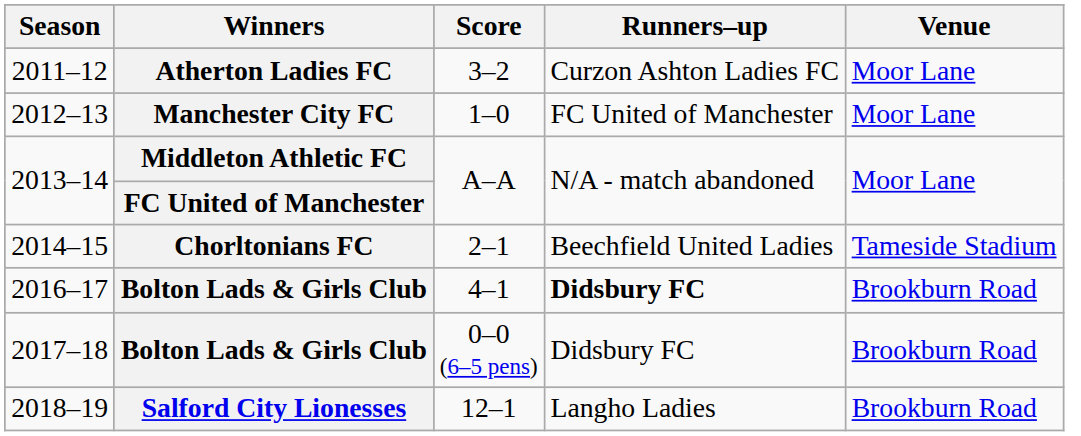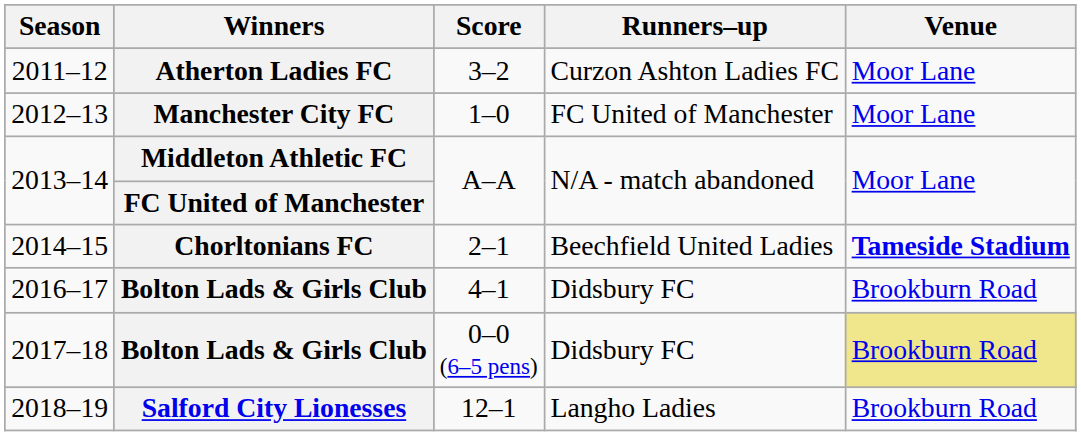 <table class="sortable wikitable plainrowheaders">
 <tr>
 <th scope="col">Season</th>
 <th scope="col">Winners</th>
 <th scope="col">Score</th>
 <th scope="col">Runners–up</th>
 <th scope="col">Venue</th>
 </tr>
 <tr>
 <td align=center>2011–12</td>
 <th scope=row>Atherton Ladies FC</th>
 <td align=center>3–2</td>
 <td>Curzon Ashton Ladies FC</td>
 <td><a href='#'>Moor Lane</a></td>
 </tr>
 <tr>
 <td align=center>2012–13</td>
 <th scope=row>Manchester City FC</th>
 <td align=center>1–0</td>
 <td>FC United of Manchester</td>
 <td><a href='#'>Moor Lane</a></td>
 </tr>
 <tr>
 <td rowspan="2" align="center">2013–14</td>
 <th scope=row>Middleton Athletic FC</th>
 <td rowspan="2" align="center">A–A</td>
 <td rowspan="2">N/A - match abandoned</td>
 <td rowspan="2"><a href='#'>Moor Lane</a></td>
 </tr>
 <tr>
 <th scope=row>FC United of Manchester</th>
 </tr>
 <tr>
 <td align="center">2014–15</td>
 <th scope="row">Chorltonians FC</th>
 <td align="center">2–1</td>
 <td>Beechfield United Ladies</td>
-<td><a href='#'>Tameside Stadium</a></td>
+<td><strong><a href='#'>Tameside Stadium</a></strong></td>
 </tr>
 <tr>
 <td align="center">2016–17</td>
 <th scope="row">Bolton Lads & Girls Club</th>
 <td align="center">4–1</td>
-<td><strong>Didsbury FC</strong></td>
+<td>Didsbury FC</td>
 <td><a href='#'>Brookburn Road</a></td>
 </tr>
 <tr>
 <td align="center">2017–18</td>
 <th scope="row">Bolton Lads & Girls Club</th>
 <td align="center">0–0 <br><small>(<a href='#'>6–5 pens</a>)</small></td>
 <td>Didsbury FC</td>
-<td><a href='#'>Brookburn Road</a></td>
+<td style="background: khaki;"><a href='#'>Brookburn Road</a></td>
 </tr>
 <tr>
 <td align="center">2018–19</td>
 <th scope="row"><a href='#'>Salford City Lionesses</a></th>
 <td align="center">12–1</td>
 <td>Langho Ladies</td>
 <td><a href='#'>Brookburn Road</a></td>
 </tr>
 </table>
